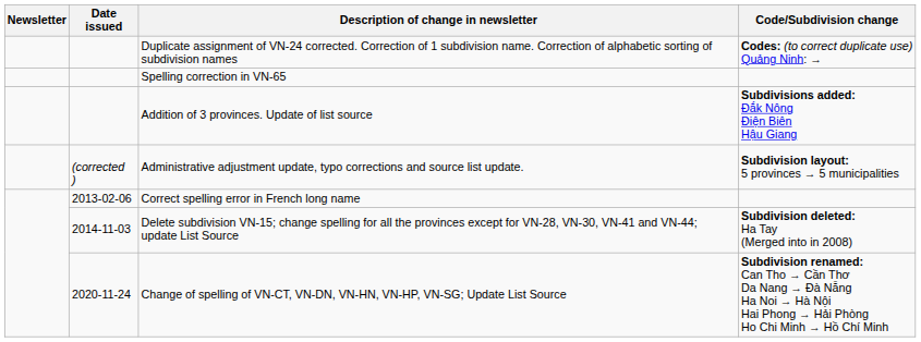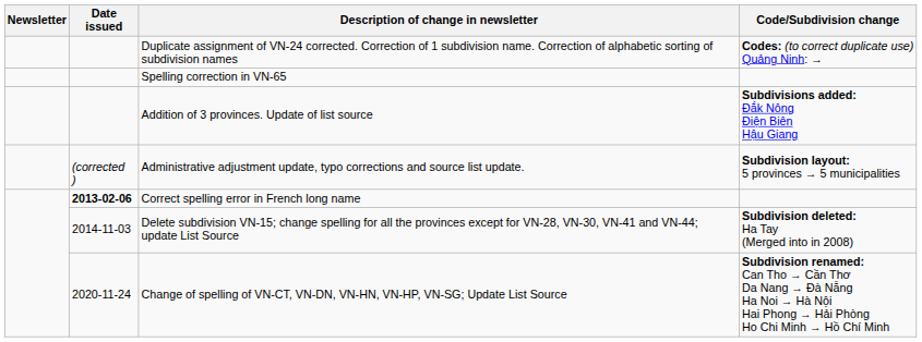 <table class="wikitable">
 <tr>
 <th>Newsletter</th>
 <th>Date issued</th>
 <th>Description of change in newsletter</th>
 <th>Code/Subdivision change</th>
 </tr>
 <tr>
 <td id="I-1"></td>
 <td></td>
 <td>Duplicate assignment of VN-24 corrected. Correction of 1 subdivision name. Correction of alphabetic sorting of subdivision names</td>
 <td style=white-space:nowrap><strong>Codes:</strong> <em>(to correct duplicate use)</em><br> <a href='#'>Quảng Ninh</a>:  → </td>
 </tr>
 <tr>
 <td id="I-2"></td>
 <td></td>
 <td>Spelling correction in VN-65</td>
 <td></td>
 </tr>
 <tr>
 <td id="I-7"></td>
 <td></td>
 <td>Addition of 3 provinces. Update of list source</td>
 <td style=white-space:nowrap><strong>Subdivisions added:</strong><br>  <a href='#'>Đắk Nông</a><br>  <a href='#'>Điện Biên</a><br>  <a href='#'>Hậu Giang</a></td>
 </tr>
 <tr>
 <td id="II-3"></td>
 <td><br> <em>(corrected<br> )</em></td>
 <td>Administrative adjustment update, typo corrections and source list update.</td>
 <td style=white-space:nowrap><strong>Subdivision layout:</strong><br> 5 provinces → 5 municipalities</td>
 </tr>
 <tr>
 <td rowspan="3"></td>
-<td>2013-02-06</td>
+<td><strong>2013-02-06</strong></td>
 <td>Correct spelling error in French long name</td>
 <td></td>
 </tr>
 <tr>
 <td>2014-11-03</td>
 <td>Delete subdivision VN-15; change spelling for all the provinces except for VN-28, VN-30, VN-41 and VN-44; update List Source</td>
 <td><strong>Subdivision deleted:</strong><br> Ha Tay<br>(Merged into  in 2008)</td>
 </tr>
 <tr>
 <td>2020-11-24</td>
 <td>Change of spelling of VN-CT, VN-DN, VN-HN, VN-HP, VN-SG; Update List Source</td>
 <td><strong>Subdivision renamed:</strong><br> Can Tho → Cần Thơ<br> Da Nang → Đà Nẵng<br> Ha Noi → Hà Nội<br> Hai Phong → Hải Phòng<br> Ho Chi Minh → Hồ Chí Minh</td>
 </tr>
 </table>
